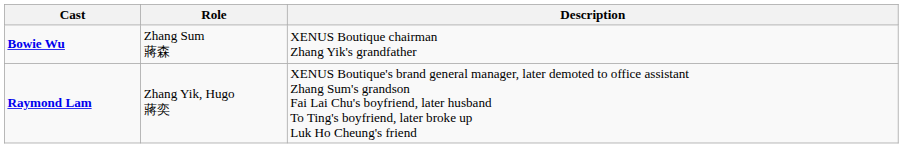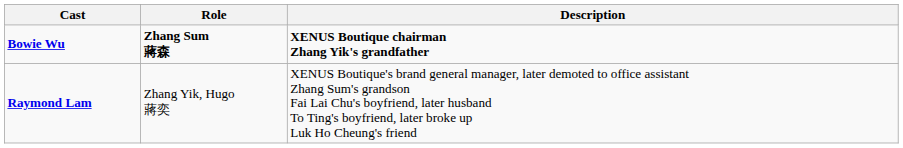 <table class="wikitable" style="width:55%;">
 <tr>
 <th>Cast</th>
 <th>Role</th>
 <th>Description</th>
 </tr>
 <tr>
 <td><strong><a href='#'>Bowie Wu</a></strong></td>
-<td>Zhang Sum<br>蔣森</td>
-<td>XENUS Boutique chairman<br>Zhang Yik's grandfather</td>
+<td><strong>Zhang Sum<br>蔣森</strong></td>
+<td><strong>XENUS Boutique chairman<br>Zhang Yik's grandfather</strong></td>
 </tr>
 <tr>
 <td><strong><a href='#'>Raymond Lam</a></strong></td>
 <td>Zhang Yik, Hugo<br>蔣奕</td>
 <td>XENUS Boutique's brand general manager, later demoted to office assistant<br>Zhang Sum's grandson<br>Fai Lai Chu's boyfriend, later husband<br>To Ting's boyfriend, later broke up<br>Luk Ho Cheung's friend</td>
 </tr>
 </table>
